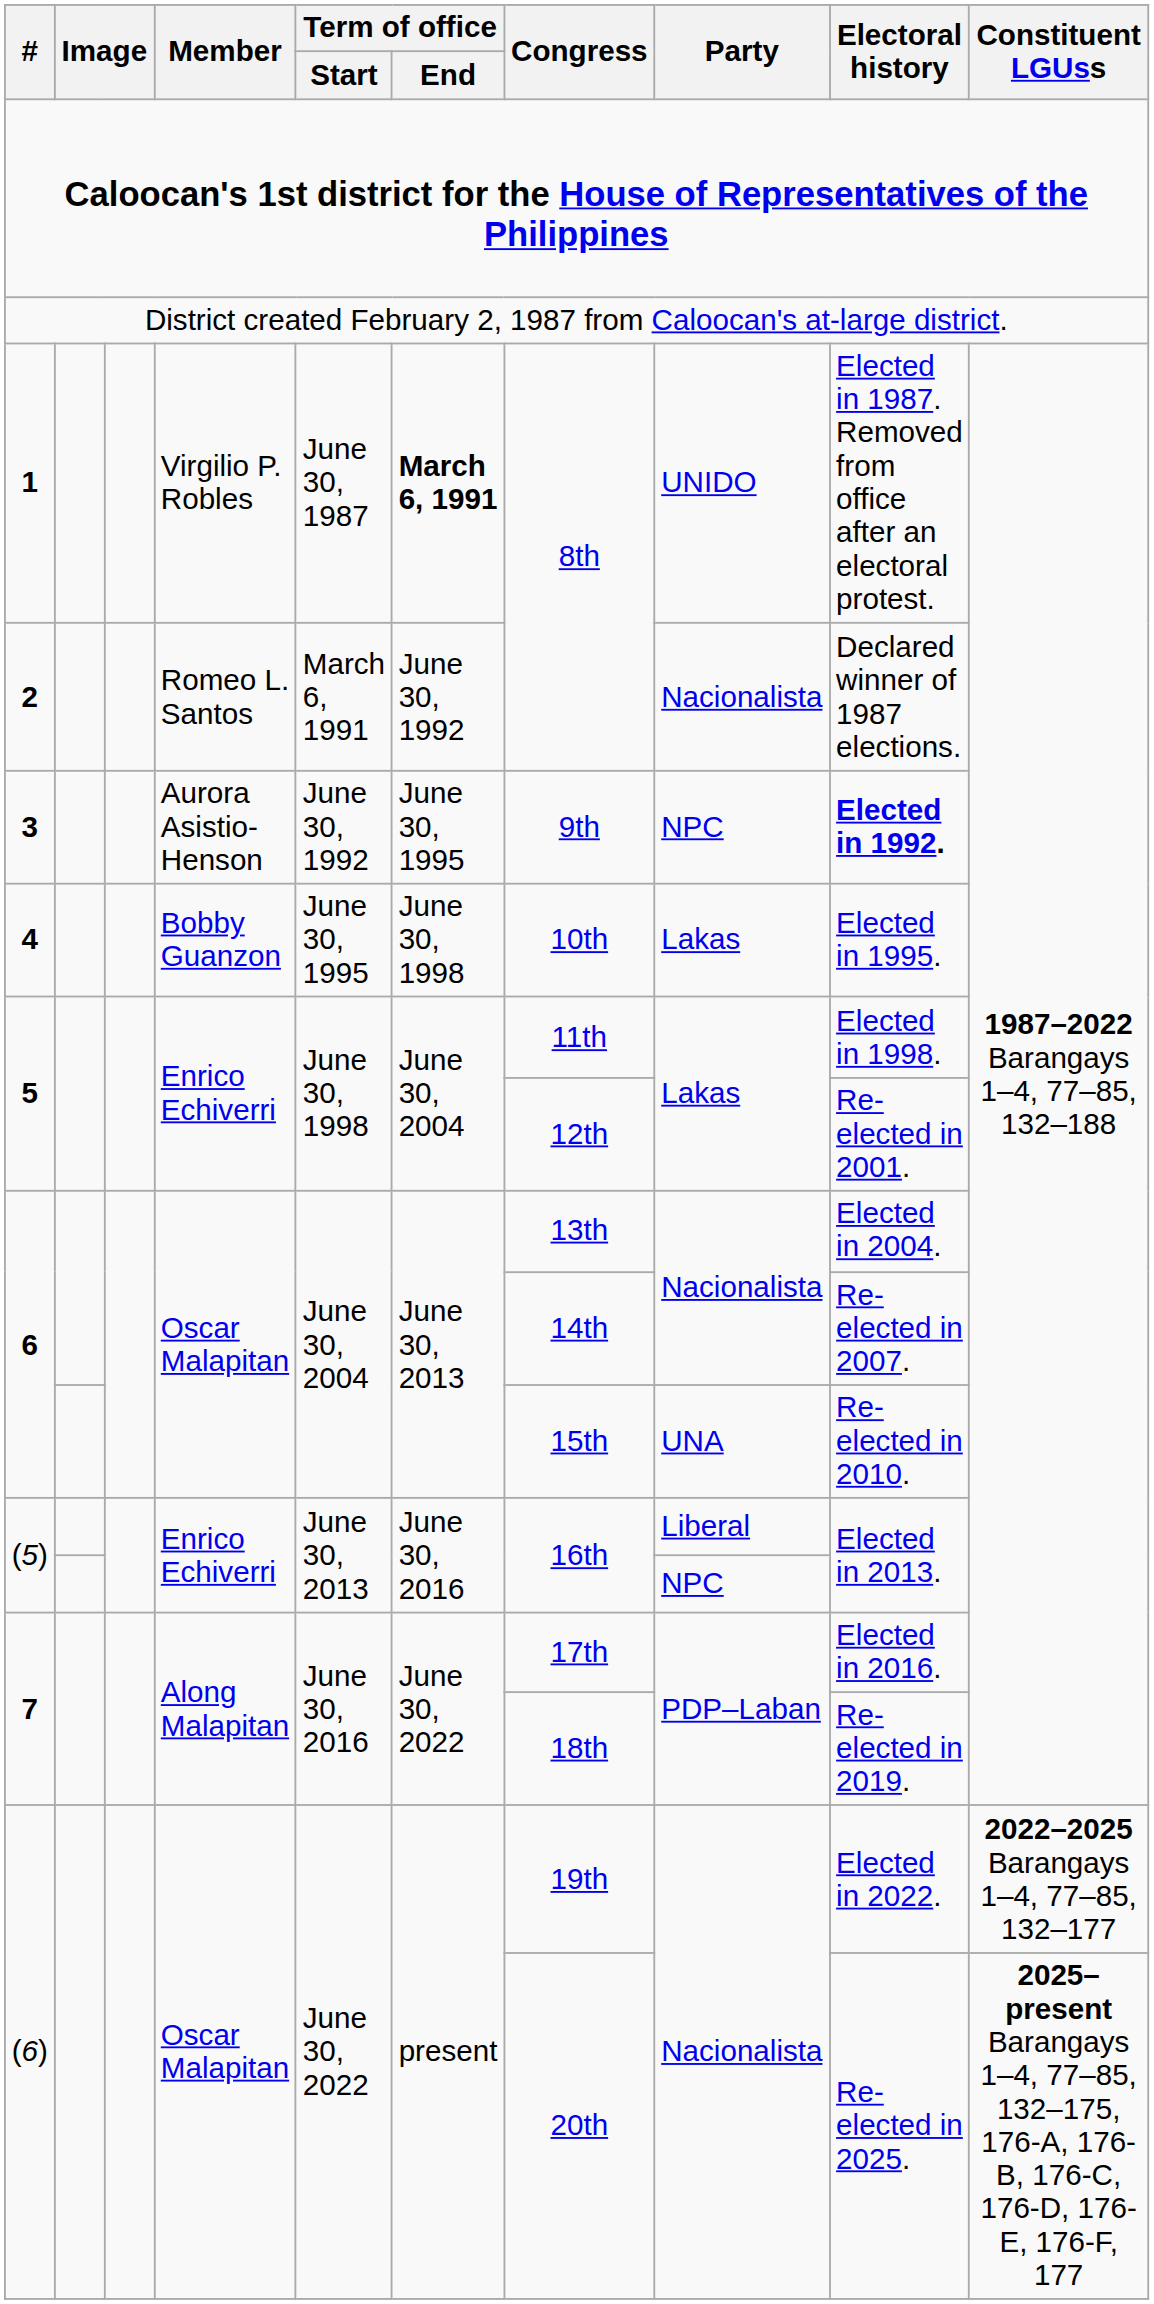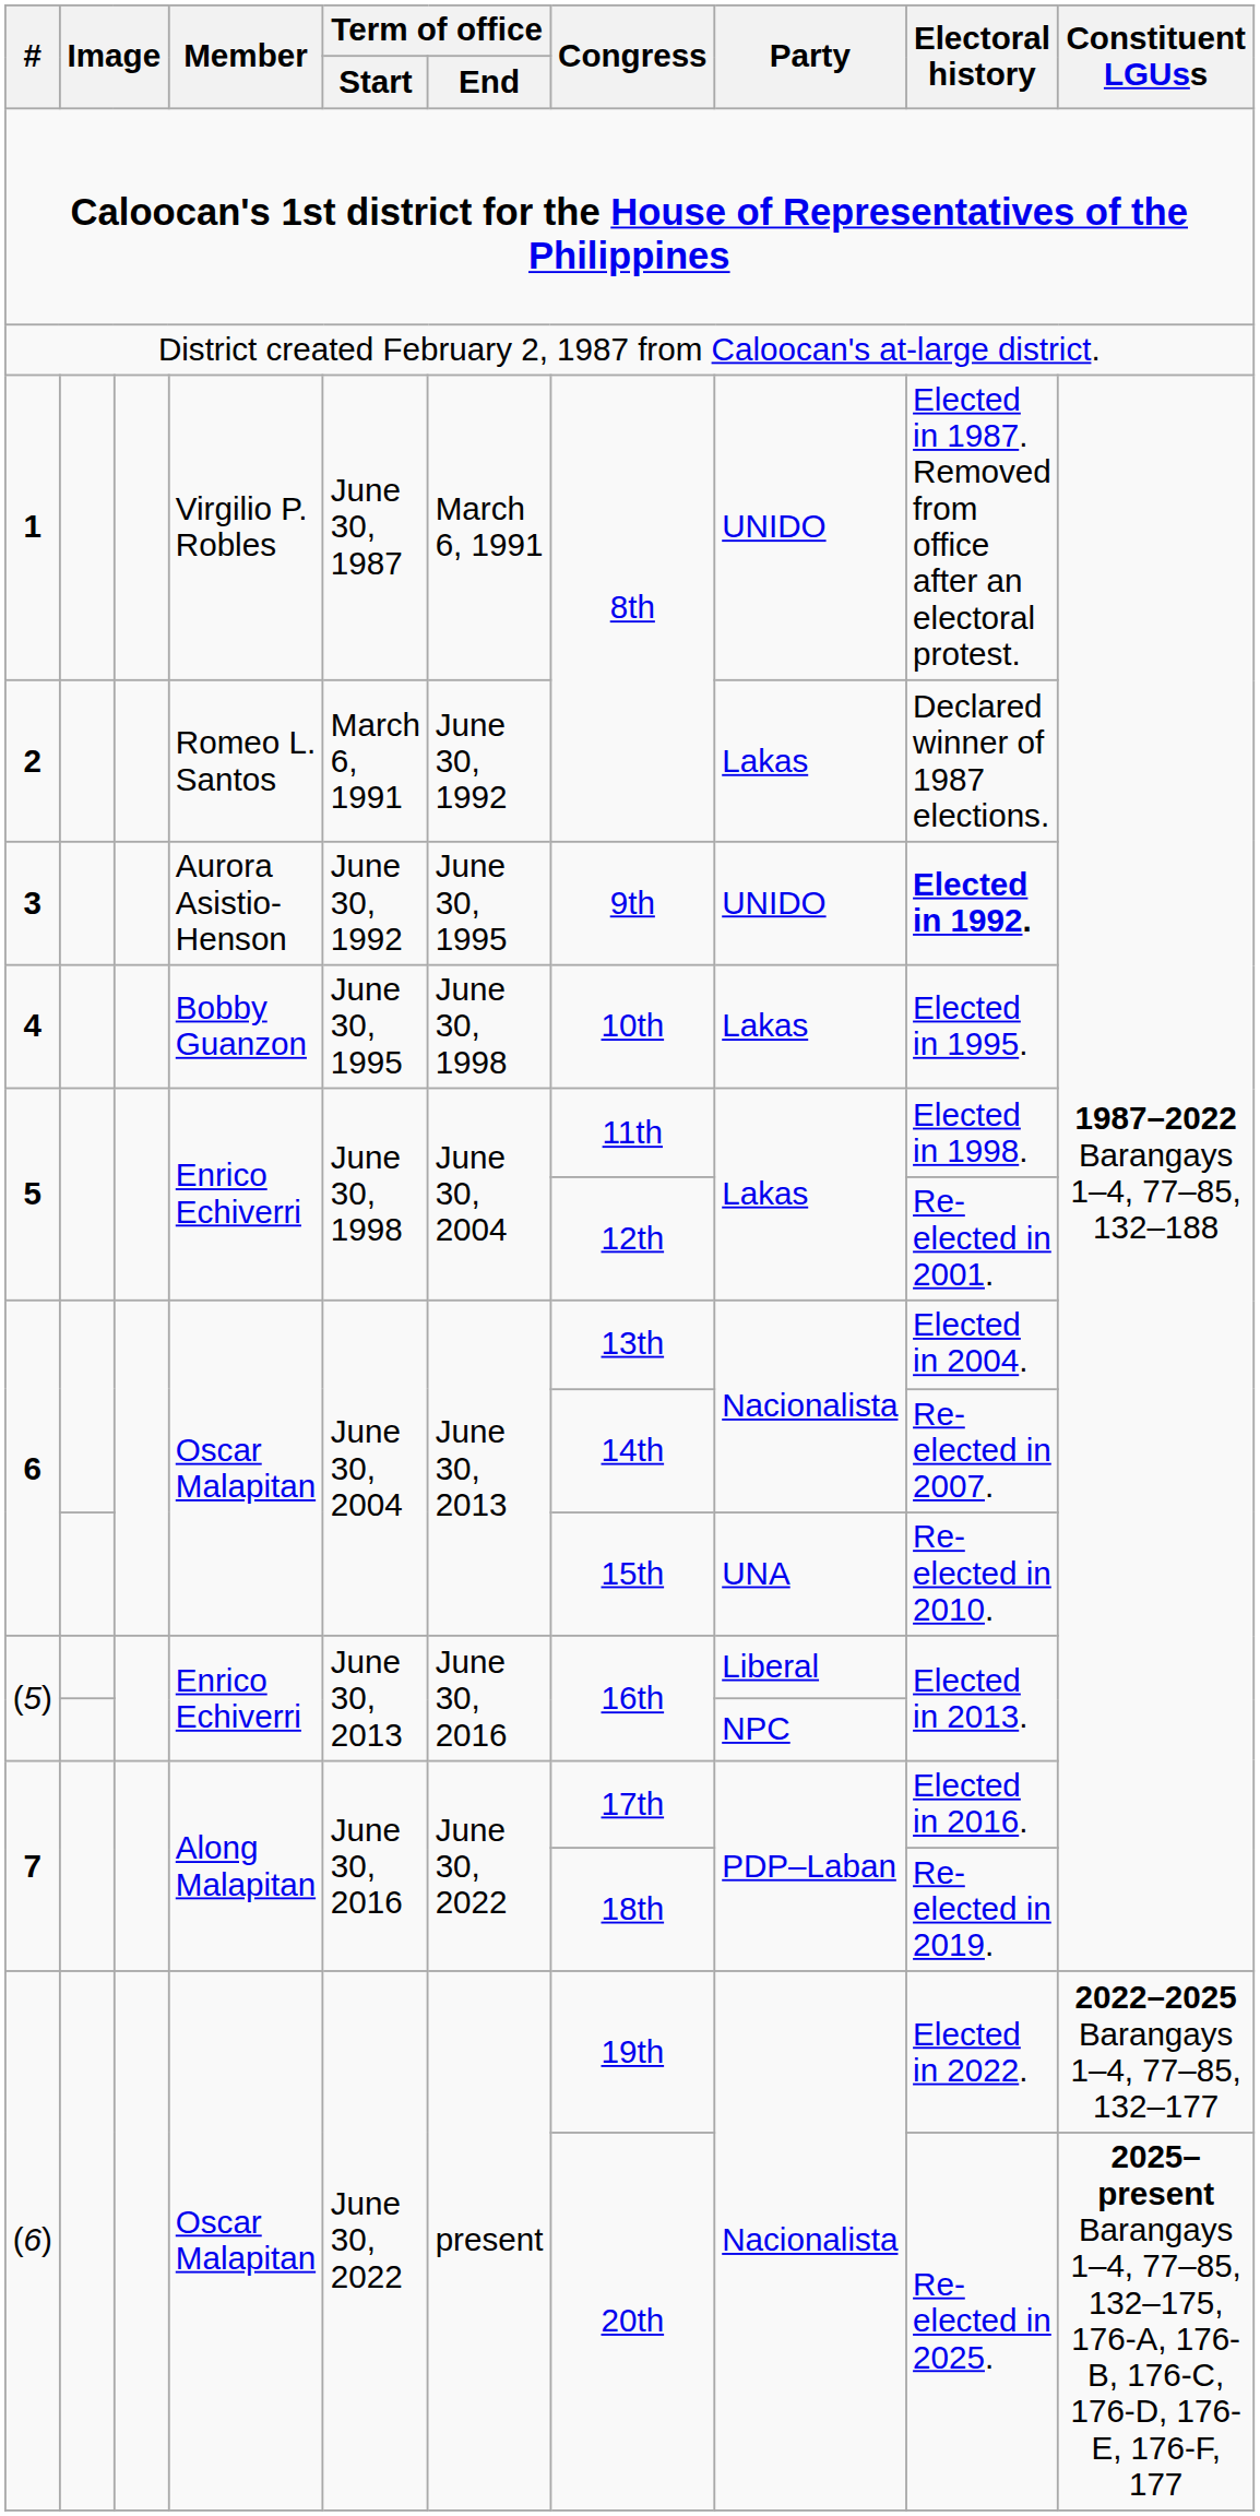 <table class=wikitable>
 <tr>
 <th rowspan="2">#</th>
 <th rowspan="2" colspan=2>Image</th>
 <th rowspan="2">Member</th>
 <th colspan=2>Term of office</th>
 <th rowspan="2">Congress</th>
 <th rowspan="2">Party</th>
 <th rowspan="2">Electoral history</th>
 <th rowspan="2">Constituent<br><a href='#'>LGUs</a>s</th>
 </tr>
 <tr>
 <th>Start</th>
 <th>End</th>
 </tr>
 <tr>
 <td colspan="10" style="text-align:center;"><br><h3>Caloocan's 1st district for the <a href='#'>House of Representatives of the Philippines</a></h3></td>
 </tr>
 <tr>
 <td colspan="10" style="text-align:center;">District created February 2, 1987 from <a href='#'>Caloocan's at-large district</a>.</td>
 </tr>
 <tr>
 <td style="text-align:center;"><strong>1</strong></td>
 <td style="color:inherit;background:"></td>
 <td></td>
 <td>Virgilio P. Robles</td>
 <td>June 30, 1987</td>
-<td><strong>March 6, 1991</strong></td>
+<td>March 6, 1991</td>
 <td rowspan="2" style="text-align:center;"><a href='#'>8th</a></td>
 <td><a href='#'>UNIDO</a></td>
 <td><a href='#'>Elected in 1987</a>.<br>Removed from office after an electoral protest.</td>
 <td rowspan="13" style="text-align:center;"><strong>1987–2022</strong><br>Barangays 1–4, 77–85, 132–188</td>
 </tr>
 <tr>
 <td style="text-align:center;"><strong>2</strong></td>
 <td style="color:inherit;background:"></td>
 <td></td>
 <td>Romeo L. Santos</td>
 <td>March 6, 1991</td>
 <td>June 30, 1992</td>
-<td><a href='#'>Nacionalista</a></td>
+<td><a href='#'>Lakas</a></td>
 <td>Declared winner of 1987 elections.</td>
 </tr>
 <tr>
 <td style="text-align:center;"><strong>3</strong></td>
 <td style="color:inherit;background:"></td>
 <td></td>
 <td>Aurora Asistio-Henson</td>
 <td>June 30, 1992</td>
 <td>June 30, 1995</td>
 <td style="text-align:center;"><a href='#'>9th</a></td>
-<td><a href='#'>NPC</a></td>
+<td><a href='#'>UNIDO</a></td>
 <td><strong><a href='#'>Elected in 1992</a>.</strong></td>
 </tr>
 <tr>
 <td style="text-align:center;"><strong>4</strong></td>
 <td style="color:inherit;background:"></td>
 <td></td>
 <td><a href='#'>Bobby Guanzon</a></td>
 <td>June 30, 1995</td>
 <td>June 30, 1998</td>
 <td style="text-align:center;"><a href='#'>10th</a></td>
 <td><a href='#'>Lakas</a></td>
 <td><a href='#'>Elected in 1995</a>.</td>
 </tr>
 <tr>
 <td rowspan="2" style="text-align:center;"><strong>5</strong></td>
 <td rowspan="2" style="color:inherit;background:"></td>
 <td rowspan="2"></td>
 <td rowspan="2"><a href='#'>Enrico Echiverri</a></td>
 <td rowspan="2">June 30, 1998</td>
 <td rowspan="2">June 30, 2004</td>
 <td style="text-align:center;"><a href='#'>11th</a></td>
 <td rowspan="2"><a href='#'>Lakas</a></td>
 <td><a href='#'>Elected in 1998</a>.</td>
 </tr>
 <tr>
 <td style="text-align:center;"><a href='#'>12th</a></td>
 <td><a href='#'>Re-elected in 2001</a>.</td>
 </tr>
 <tr>
 <td rowspan="3" style="text-align:center;"><strong>6</strong></td>
 <td rowspan="2" style="color:inherit;background:"></td>
 <td rowspan="3"></td>
 <td rowspan="3"><a href='#'>Oscar Malapitan</a></td>
 <td rowspan="3">June 30, 2004</td>
 <td rowspan="3">June 30, 2013</td>
 <td style="text-align:center;"><a href='#'>13th</a></td>
 <td rowspan="2"><a href='#'>Nacionalista</a></td>
 <td><a href='#'>Elected in 2004</a>.</td>
 </tr>
 <tr>
 <td style="text-align:center;"><a href='#'>14th</a></td>
 <td><a href='#'>Re-elected in 2007</a>.</td>
 </tr>
 <tr>
 <td style="color:inherit;background:"></td>
 <td style="text-align:center;"><a href='#'>15th</a></td>
 <td><a href='#'>UNA</a></td>
 <td><a href='#'>Re-elected in 2010</a>.</td>
 </tr>
 <tr>
 <td style="text-align:center;" rowspan="2">(<em>5</em>)</td>
 <td style="color:inherit;background:"></td>
 <td rowspan="2"></td>
 <td rowspan="2"><a href='#'>Enrico Echiverri</a></td>
 <td rowspan="2">June 30, 2013</td>
 <td rowspan="2">June 30, 2016</td>
 <td style="text-align:center;" rowspan="2"><a href='#'>16th</a></td>
 <td><a href='#'>Liberal</a></td>
 <td rowspan="2"><a href='#'>Elected in 2013</a>.</td>
 </tr>
 <tr>
 <td style="color:inherit;background:"></td>
 <td><a href='#'>NPC</a></td>
 </tr>
 <tr>
 <td rowspan="2" style="text-align:center;"><strong>7</strong></td>
 <td rowspan="2" style="color:inherit;background:"></td>
 <td rowspan="2"></td>
 <td rowspan="2"><a href='#'>Along Malapitan</a></td>
 <td rowspan="2">June 30, 2016</td>
 <td rowspan="2">June 30, 2022</td>
 <td style="text-align:center;"><a href='#'>17th</a></td>
 <td rowspan="2"><a href='#'>PDP–Laban</a></td>
 <td><a href='#'>Elected in 2016</a>.</td>
 </tr>
 <tr>
 <td style="text-align:center;"><a href='#'>18th</a></td>
 <td><a href='#'>Re-elected in 2019</a>.</td>
 </tr>
 <tr>
 <td style="text-align:center;" rowspan="2">(<em>6</em>)</td>
 <td rowspan="2" style="color:inherit;background:"></td>
 <td rowspan="2"></td>
 <td rowspan="2"><a href='#'>Oscar Malapitan</a></td>
 <td rowspan="2">June 30, 2022</td>
 <td rowspan="2">present</td>
 <td style="text-align:center;"><a href='#'>19th</a></td>
 <td rowspan="2"><a href='#'>Nacionalista</a></td>
 <td><a href='#'>Elected in 2022</a>.</td>
 <td style="text-align:center;"><strong>2022–2025</strong><br>Barangays 1–4, 77–85, 132–177</td>
 </tr>
 <tr>
 <td style="text-align:center;"><a href='#'>20th</a></td>
 <td><a href='#'>Re-elected in 2025</a>.</td>
 <td style="text-align:center;"><strong>2025–present</strong><br>Barangays 1–4, 77–85, 132–175, 176-A, 176-B, 176-C, 176-D, 176-E, 176-F, 177<br></td>
 </tr>
 </table>
